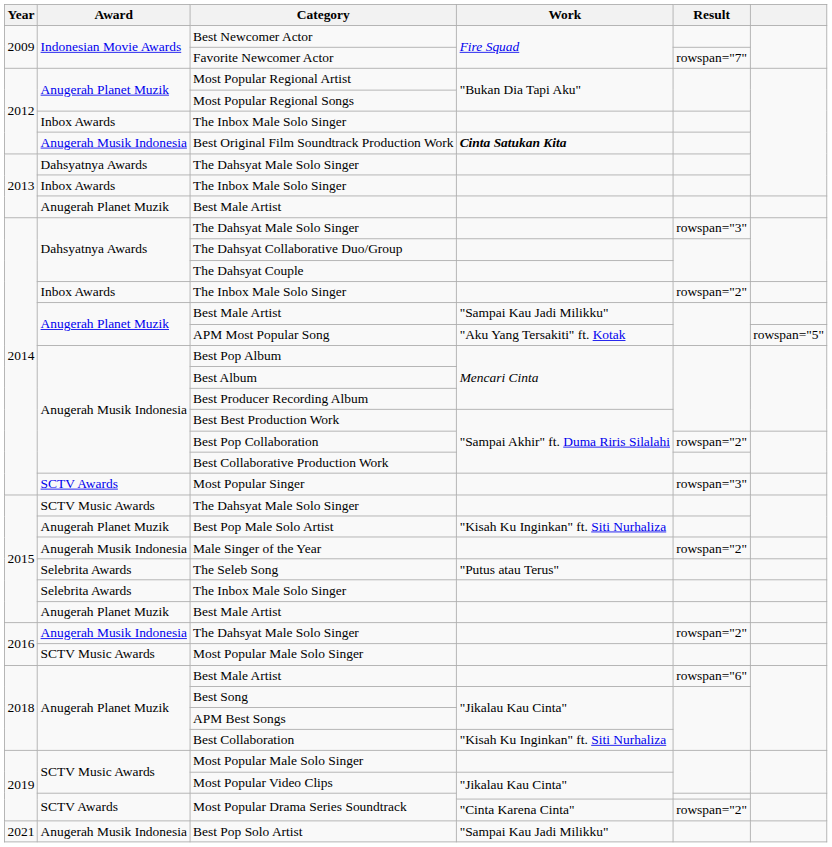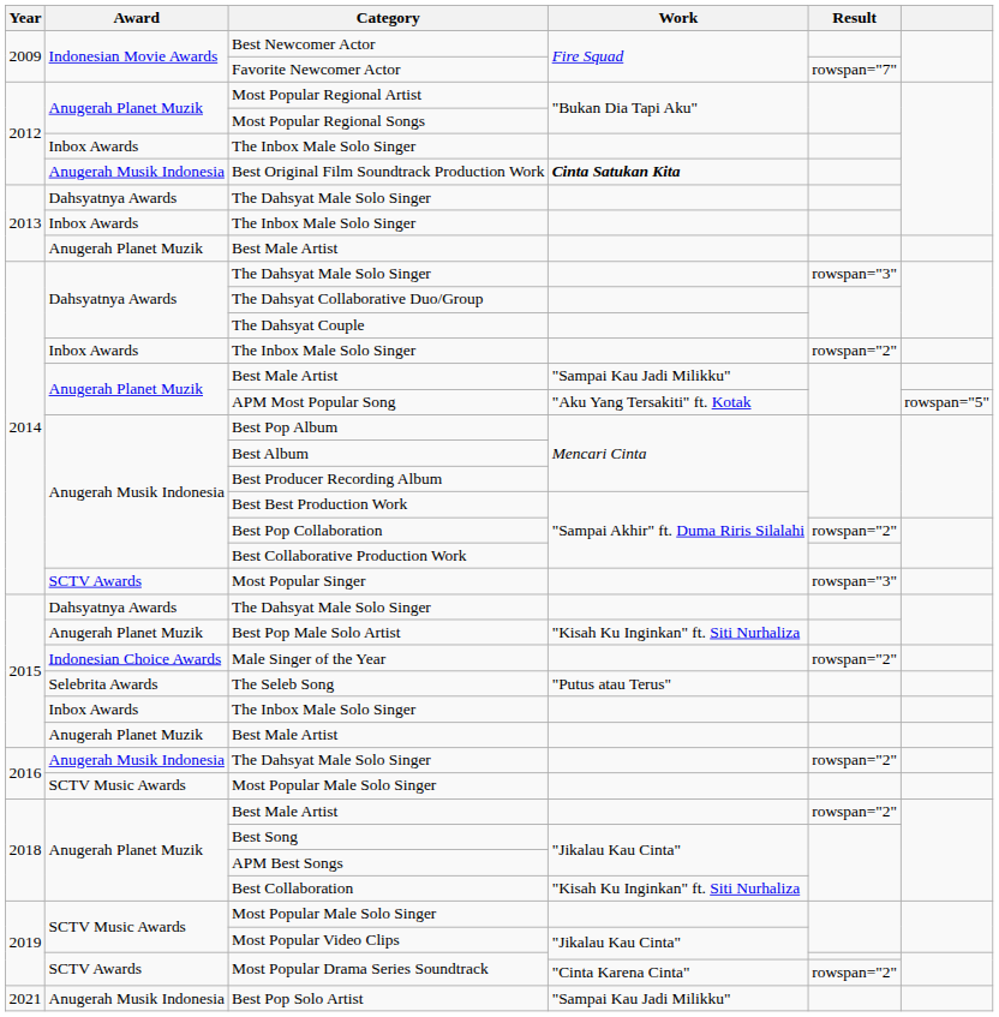 <table class="wikitable">
 <tr>
 <th>Year</th>
 <th>Award</th>
 <th>Category</th>
 <th>Work</th>
 <th>Result</th>
 <th></th>
 </tr>
 <tr>
 <td rowspan="2">2009</td>
 <td rowspan="2"><a href='#'>Indonesian Movie Awards</a></td>
 <td>Best Newcomer Actor</td>
 <td rowspan="2"><em><a href='#'>Fire Squad</a></em></td>
 <td></td>
 <td style="text-align:center;" rowspan="2"></td>
 </tr>
 <tr>
 <td>Favorite Newcomer Actor</td>
 <td>rowspan="7" </td>
 </tr>
 <tr>
 <td rowspan="4">2012</td>
 <td rowspan="2"><a href='#'>Anugerah Planet Muzik</a></td>
 <td>Most Popular Regional Artist</td>
 <td rowspan="2">"Bukan Dia Tapi Aku"</td>
 <td style="text-align:center;" rowspan="2"></td>
 </tr>
 <tr>
 <td>Most Popular Regional Songs</td>
 </tr>
 <tr>
 <td>Inbox Awards</td>
 <td>The Inbox Male Solo Singer</td>
 <td></td>
 <td></td>
 </tr>
 <tr>
 <td><a href='#'>Anugerah Musik Indonesia</a></td>
 <td>Best Original Film Soundtrack Production Work</td>
 <td><strong><em>Cinta Satukan Kita</em></strong></td>
 <td style="text-align:center;"></td>
 </tr>
 <tr>
 <td rowspan="3">2013</td>
 <td>Dahsyatnya Awards</td>
 <td>The Dahsyat Male Solo Singer</td>
 <td></td>
 <td style="text-align:center;"></td>
 </tr>
 <tr>
 <td>Inbox Awards</td>
 <td>The Inbox Male Solo Singer</td>
 <td></td>
 <td style="text-align:center;"></td>
 </tr>
 <tr>
 <td>Anugerah Planet Muzik</td>
 <td>Best Male Artist</td>
 <td></td>
 <td></td>
 <td style="text-align:center;"></td>
 </tr>
 <tr>
 <td rowspan="13">2014</td>
 <td rowspan="3">Dahsyatnya Awards</td>
 <td>The Dahsyat Male Solo Singer</td>
 <td></td>
 <td>rowspan="3" </td>
 <td style="text-align:center;" rowspan="3"></td>
 </tr>
 <tr>
 <td>The Dahsyat Collaborative Duo/Group</td>
 <td></td>
 </tr>
 <tr>
 <td>The Dahsyat Couple</td>
 <td></td>
 </tr>
 <tr>
 <td>Inbox Awards</td>
 <td>The Inbox Male Solo Singer</td>
 <td></td>
 <td>rowspan="2" </td>
 <td style="text-align:center;"></td>
 </tr>
 <tr>
 <td rowspan="2"><a href='#'>Anugerah Planet Muzik</a></td>
 <td>Best Male Artist</td>
 <td>"Sampai Kau Jadi Milikku"</td>
 <td style="text-align:center;" rowspan="2"></td>
 </tr>
 <tr>
 <td>APM Most Popular Song</td>
 <td>"Aku Yang Tersakiti" ft. <a href='#'>Kotak</a></td>
 <td>rowspan="5" </td>
 </tr>
 <tr>
 <td rowspan="6">Anugerah Musik Indonesia</td>
 <td>Best Pop Album</td>
 <td rowspan="3"><em>Mencari Cinta</em></td>
 <td style="text-align:center;" rowspan="4"></td>
 </tr>
 <tr>
 <td>Best Album</td>
 </tr>
 <tr>
 <td>Best Producer Recording Album</td>
 </tr>
 <tr>
 <td>Best Best Production Work</td>
 <td rowspan="3">"Sampai Akhir" ft. <a href='#'>Duma Riris Silalahi</a></td>
 </tr>
 <tr>
 <td>Best Pop Collaboration</td>
 <td>rowspan="2" </td>
 <td style="text-align:center;" rowspan="2"></td>
 </tr>
 <tr>
 <td>Best Collaborative Production Work</td>
 </tr>
 <tr>
 <td><a href='#'>SCTV Awards</a></td>
 <td>Most Popular Singer</td>
 <td></td>
 <td>rowspan="3" </td>
 <td style="text-align:center;"></td>
 </tr>
 <tr>
 <td rowspan="6">2015</td>
-<td>SCTV Music Awards</td>
+<td>Dahsyatnya Awards</td>
 <td>The Dahsyat Male Solo Singer</td>
 <td></td>
 <td style="text-align:center;"></td>
 </tr>
 <tr>
 <td>Anugerah Planet Muzik</td>
 <td>Best Pop Male Solo Artist</td>
 <td>"Kisah Ku Inginkan" ft. <a href='#'>Siti Nurhaliza</a></td>
 <td style="text-align:center;"></td>
 </tr>
 <tr>
-<td>Anugerah Musik Indonesia</td>
+<td><a href='#'>Indonesian Choice Awards</a></td>
 <td>Male Singer of the Year</td>
 <td></td>
 <td>rowspan="2" </td>
 <td style="text-align:center;"></td>
 </tr>
 <tr>
 <td>Selebrita Awards</td>
 <td>The Seleb Song</td>
 <td>"Putus atau Terus"</td>
 <td style="text-align:center;"></td>
 </tr>
 <tr>
-<td>Selebrita Awards</td>
+<td>Inbox Awards</td>
 <td>The Inbox Male Solo Singer</td>
 <td></td>
 <td></td>
 <td style="text-align:center;"></td>
 </tr>
 <tr>
 <td>Anugerah Planet Muzik</td>
 <td>Best Male Artist</td>
 <td></td>
 <td></td>
 <td style="text-align:center;"></td>
 </tr>
 <tr>
 <td rowspan="2">2016</td>
 <td><a href='#'>Anugerah Musik Indonesia</a></td>
 <td>The Dahsyat Male Solo Singer</td>
 <td></td>
 <td>rowspan="2" </td>
 <td style="text-align:center;"></td>
 </tr>
 <tr>
 <td>SCTV Music Awards</td>
 <td>Most Popular Male Solo Singer</td>
 <td></td>
 <td style="text-align:center;"></td>
 </tr>
 <tr>
 <td rowspan="4">2018</td>
 <td rowspan="4">Anugerah Planet Muzik</td>
 <td>Best Male Artist</td>
 <td></td>
-<td>rowspan="6" </td>
+<td>rowspan="2" </td>
 <td style="text-align:center;" rowspan="4"></td>
 </tr>
 <tr>
 <td>Best Song</td>
 <td rowspan="2">"Jikalau Kau Cinta"</td>
 </tr>
 <tr>
 <td>APM Best Songs</td>
 </tr>
 <tr>
 <td>Best Collaboration</td>
 <td>"Kisah Ku Inginkan" ft. <a href='#'>Siti Nurhaliza</a></td>
 </tr>
 <tr>
 <td rowspan="4">2019</td>
 <td rowspan="2">SCTV Music Awards</td>
 <td>Most Popular Male Solo Singer</td>
 <td></td>
 <td style="text-align:center;" rowspan="2"></td>
 </tr>
 <tr>
 <td>Most Popular Video Clips</td>
 <td rowspan="2">"Jikalau Kau Cinta"</td>
 </tr>
 <tr>
 <td rowspan="2">SCTV Awards</td>
 <td rowspan="2">Most Popular Drama Series Soundtrack</td>
 <td></td>
 <td style="text-align:center;" rowspan="2"></td>
 </tr>
 <tr>
 <td>"Cinta Karena Cinta"</td>
 <td>rowspan="2" </td>
 </tr>
 <tr>
 <td>2021</td>
 <td>Anugerah Musik Indonesia</td>
 <td>Best Pop Solo Artist</td>
 <td>"Sampai Kau Jadi Milikku"</td>
 <td style="text-align:center;"></td>
 </tr>
 </table>
